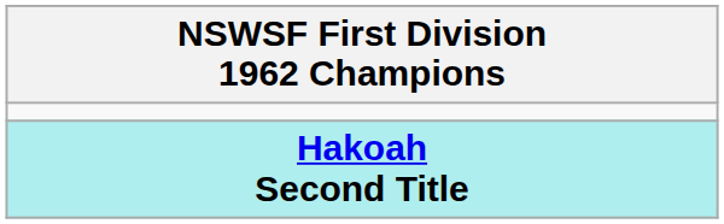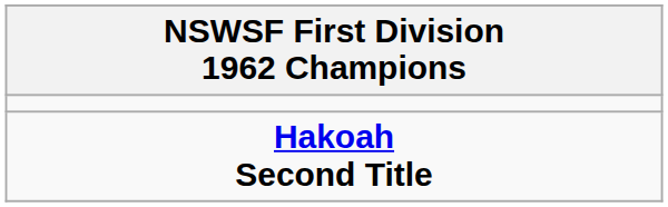 <table class="wikitable" style="text-align: center; margin: 0 auto; width: 20%">
 <tr>
 <th>NSWSF First Division<br>1962 Champions</th>
 </tr>
 <tr>
 <td></td>
 </tr>
 <tr>
-<td style="background: paleturquoise;"><strong><a href='#'>Hakoah</a></strong><br><strong>Second Title</strong></td>
+<td><strong><a href='#'>Hakoah</a></strong><br><strong>Second Title</strong></td>
 </tr>
 </table>
